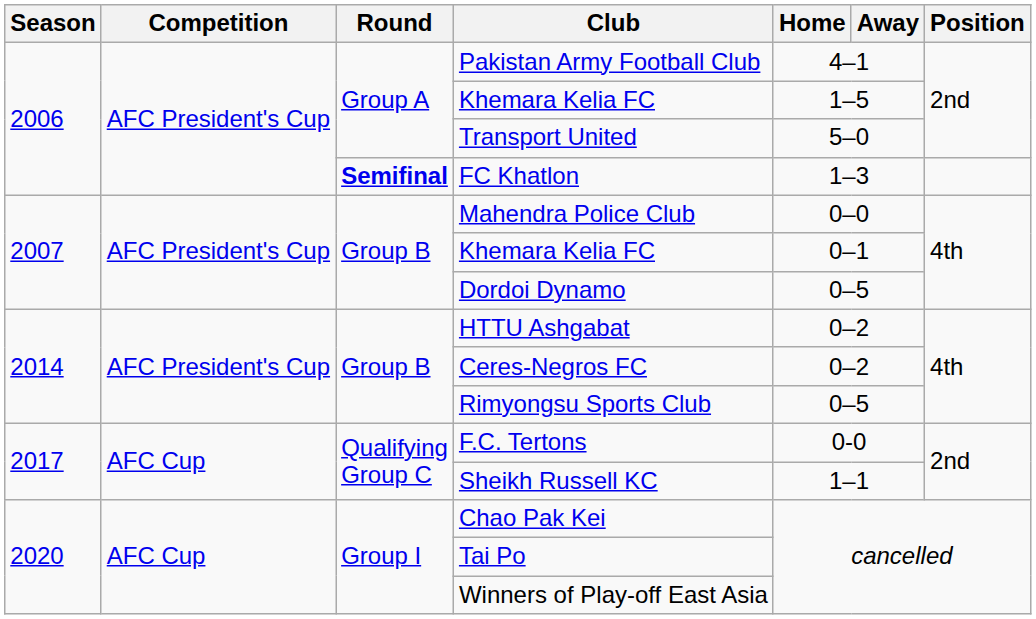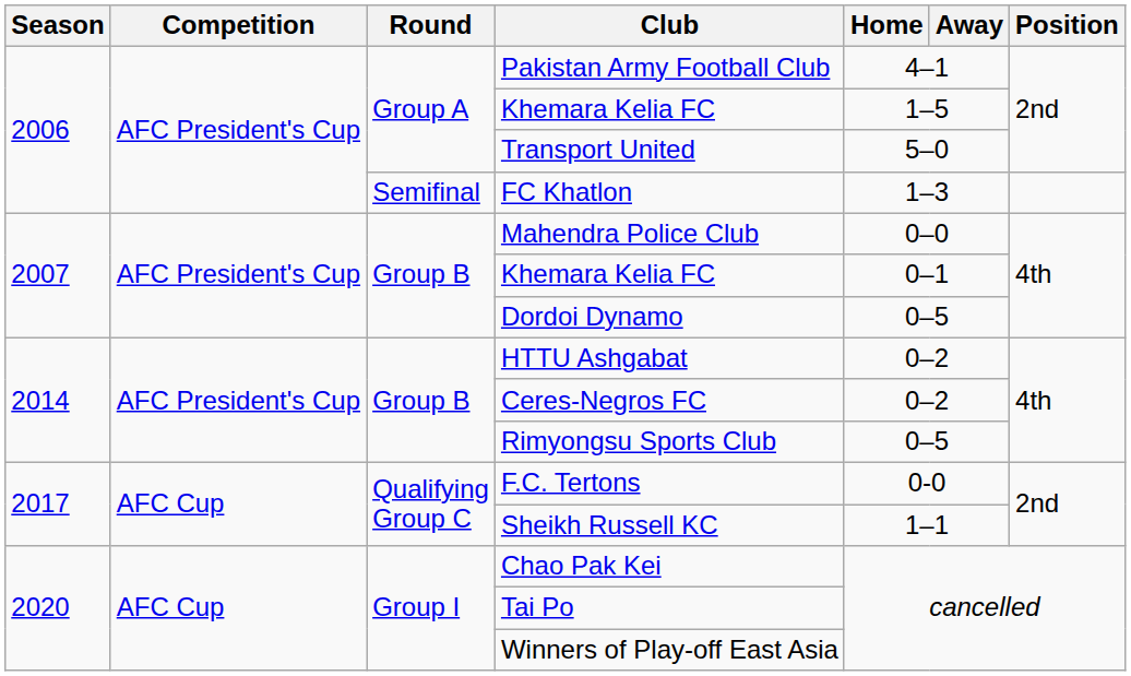 <table class="wikitable">
 <tr>
 <th>Season</th>
 <th>Competition</th>
 <th>Round</th>
 <th>Club</th>
 <th>Home</th>
 <th>Away</th>
 <th>Position</th>
 </tr>
 <tr>
 <td rowspan="4"><a href='#'>2006</a></td>
 <td rowspan="4"><a href='#'>AFC President's Cup</a></td>
 <td rowspan=3><a href='#'>Group A</a></td>
 <td> <a href='#'>Pakistan Army Football Club</a></td>
 <td colspan=2; style="text-align:center;">4–1</td>
 <td rowspan="3">2nd</td>
 </tr>
 <tr>
 <td> <a href='#'>Khemara Kelia FC</a></td>
 <td colspan=2; style="text-align:center;">1–5</td>
 </tr>
 <tr>
 <td> <a href='#'>Transport United</a></td>
 <td colspan=2; style="text-align:center;">5–0</td>
 </tr>
 <tr>
-<td><strong><a href='#'>Semifinal</a></strong></td>
+<td><a href='#'>Semifinal</a></td>
 <td> <a href='#'>FC Khatlon</a></td>
 <td colspan=2; style="text-align:center;">1–3</td>
 <td></td>
 </tr>
 <tr>
 <td rowspan="3"><a href='#'>2007</a></td>
 <td rowspan="3"><a href='#'>AFC President's Cup</a></td>
 <td rowspan="3"><a href='#'>Group B</a></td>
 <td> <a href='#'>Mahendra Police Club</a></td>
 <td colspan="2;" style="text-align:center;">0–0</td>
 <td rowspan="3">4th</td>
 </tr>
 <tr>
 <td> <a href='#'>Khemara Kelia FC</a></td>
 <td colspan="2;" style="text-align:center;">0–1</td>
 </tr>
 <tr>
 <td> <a href='#'>Dordoi Dynamo</a></td>
 <td colspan="2;" style="text-align:center;">0–5</td>
 </tr>
 <tr>
 <td rowspan="3"><a href='#'>2014</a></td>
 <td rowspan="3"><a href='#'>AFC President's Cup</a></td>
 <td rowspan="3"><a href='#'>Group B</a></td>
 <td> <a href='#'>HTTU Ashgabat</a></td>
 <td colspan="2;" style="text-align:center;">0–2</td>
 <td rowspan="3">4th</td>
 </tr>
 <tr>
 <td> <a href='#'>Ceres-Negros FC</a></td>
 <td colspan="2;" style="text-align:center;">0–2</td>
 </tr>
 <tr>
 <td> <a href='#'>Rimyongsu Sports Club</a></td>
 <td colspan="2;" style="text-align:center;">0–5</td>
 </tr>
 <tr>
 <td rowspan="2"><a href='#'>2017</a></td>
 <td rowspan="2"><a href='#'>AFC Cup</a></td>
 <td rowspan="2"><a href='#'>Qualifying<br>Group C</a></td>
 <td> <a href='#'>F.C. Tertons</a></td>
 <td colspan="2;" style="text-align:center;">0-0</td>
 <td rowspan="2">2nd</td>
 </tr>
 <tr>
 <td> <a href='#'>Sheikh Russell KC</a></td>
 <td colspan="2;" style="text-align:center;">1–1</td>
 </tr>
 <tr>
 <td rowspan=3><a href='#'>2020</a></td>
 <td rowspan=3><a href='#'>AFC Cup</a></td>
 <td rowspan=3><a href='#'>Group I</a></td>
 <td> <a href='#'>Chao Pak Kei</a></td>
 <td rowspan=3 colspan=3 style="text-align:center;"><em>cancelled</em></td>
 </tr>
 <tr>
 <td> <a href='#'>Tai Po</a></td>
 </tr>
 <tr>
 <td> Winners of Play-off East Asia</td>
 </tr>
 </table>
